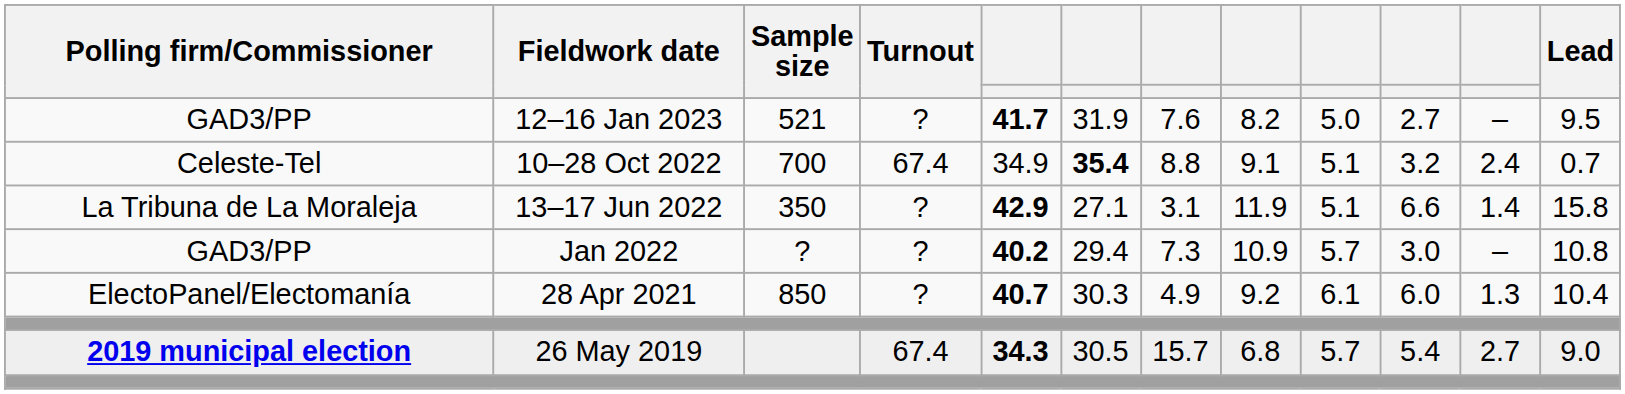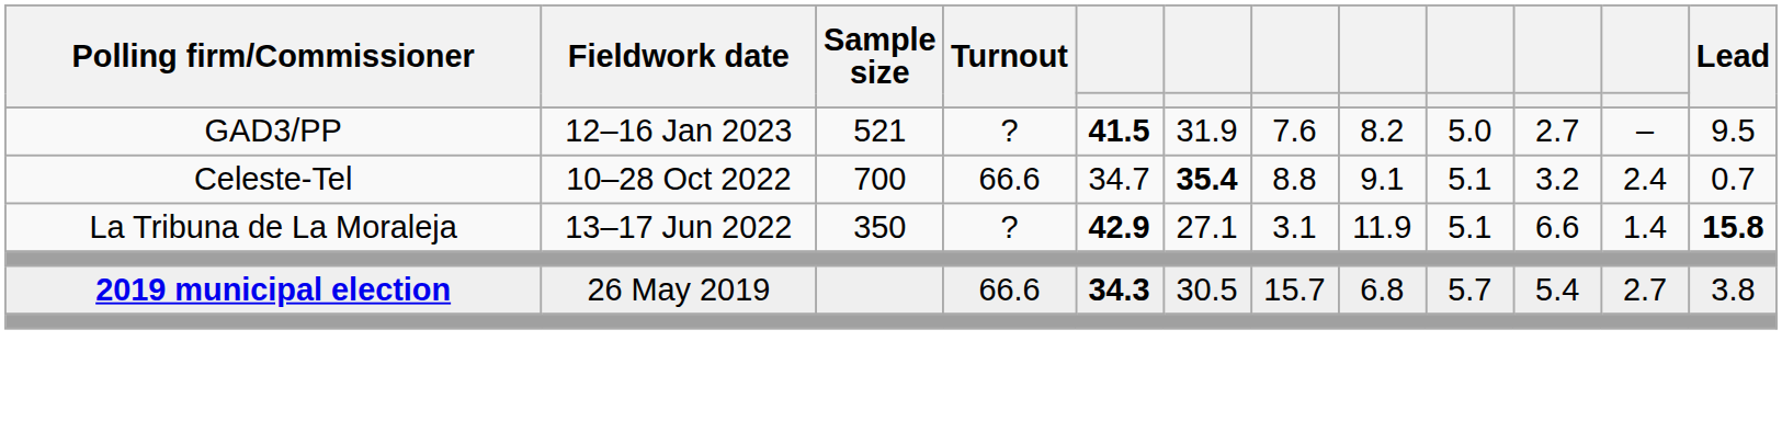 <table class="wikitable collapsible collapsed" style="text-align:center; font-size:95%; line-height:16px;">
 <tr style="height:42px;">
 <th style="width:250px;" rowspan="2">Polling firm/Commissioner</th>
 <th style="width:125px;" rowspan="2">Fieldwork date</th>
 <th style="width:50px;" rowspan="2">Sample size</th>
 <th style="width:45px;" rowspan="2">Turnout</th>
 <th style="width:35px;"></th>
 <th style="width:35px;"></th>
 <th style="width:35px;"></th>
 <th style="width:35px;"></th>
 <th style="width:35px;"></th>
 <th style="width:35px;"></th>
 <th style="width:35px;"></th>
 <th style="width:30px;" rowspan="2">Lead</th>
 </tr>
 <tr>
 <th style="color:inherit;background:"></th>
 <th style="color:inherit;background:"></th>
 <th style="color:inherit;background:"></th>
 <th style="color:inherit;background:"></th>
 <th style="color:inherit;background:"></th>
 <th style="color:inherit;background:"></th>
 <th style="color:inherit;background:"></th>
 </tr>
 <tr>
 <td>GAD3/PP</td>
 <td>12–16 Jan 2023</td>
 <td>521</td>
 <td>?</td>
-<td><strong>41.7</strong><br></td>
+<td><strong>41.5</strong><br></td>
 <td>31.9<br></td>
 <td>7.6<br></td>
 <td>8.2<br></td>
 <td>5.0<br></td>
 <td>2.7<br></td>
 <td>–</td>
 <td style="background:">9.5</td>
 </tr>
 <tr>
 <td>Celeste-Tel</td>
 <td>10–28 Oct 2022</td>
 <td>700</td>
-<td>67.4</td>
-<td>34.9<br></td>
+<td>66.6</td>
+<td>34.7<br></td>
 <td><strong>35.4</strong><br></td>
 <td>8.8<br></td>
 <td>9.1<br></td>
 <td>5.1<br></td>
 <td>3.2<br></td>
 <td>2.4<br></td>
 <td style="background:">0.7</td>
 </tr>
 <tr>
 <td>La Tribuna de La Moraleja</td>
 <td>13–17 Jun 2022</td>
 <td>350</td>
 <td>?</td>
 <td><strong>42.9</strong><br></td>
 <td>27.1<br></td>
 <td>3.1<br></td>
 <td>11.9<br></td>
 <td>5.1<br></td>
 <td>6.6<br></td>
 <td>1.4<br></td>
-<td style="background:">15.8</td>
-</tr>
-<tr>
-<td>GAD3/PP</td>
-<td>Jan 2022</td>
-<td>?</td>
-<td>?</td>
-<td><strong>40.2</strong><br></td>
-<td>29.4<br></td>
-<td>7.3<br></td>
-<td>10.9<br></td>
-<td>5.7<br></td>
-<td>3.0<br></td>
-<td>–</td>
-<td style="background:">10.8</td>
-</tr>
-<tr>
-<td>ElectoPanel/Electomanía</td>
-<td>28 Apr 2021</td>
-<td>850</td>
-<td>?</td>
-<td><strong>40.7</strong><br></td>
-<td>30.3<br></td>
-<td>4.9<br></td>
-<td>9.2<br></td>
-<td>6.1<br></td>
-<td>6.0<br></td>
-<td>1.3<br></td>
-<td style="background:">10.4</td>
+<td style="background:"><strong>15.8</strong></td>
 </tr>
 <tr>
 <td colspan="12" style="background:#A0A0A0"></td>
 </tr>
 <tr style="background:#EFEFEF;">
 <td><strong><a href='#'>2019 municipal election</a></strong></td>
 <td>26 May 2019</td>
 <td></td>
-<td>67.4</td>
+<td>66.6</td>
 <td><strong>34.3</strong><br></td>
 <td>30.5<br></td>
 <td>15.7<br></td>
 <td>6.8<br></td>
 <td>5.7<br></td>
 <td>5.4<br></td>
 <td>2.7<br></td>
-<td style="background:">9.0</td>
+<td style="background:">3.8</td>
 </tr>
 <tr>
 <td colspan="12" style="background:#A0A0A0"></td>
 </tr>
 </table>
